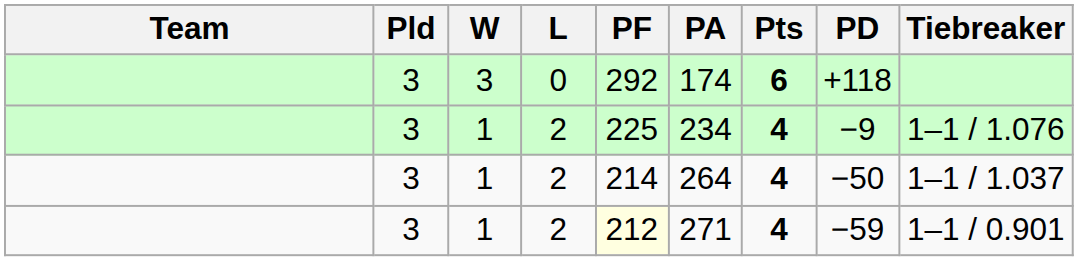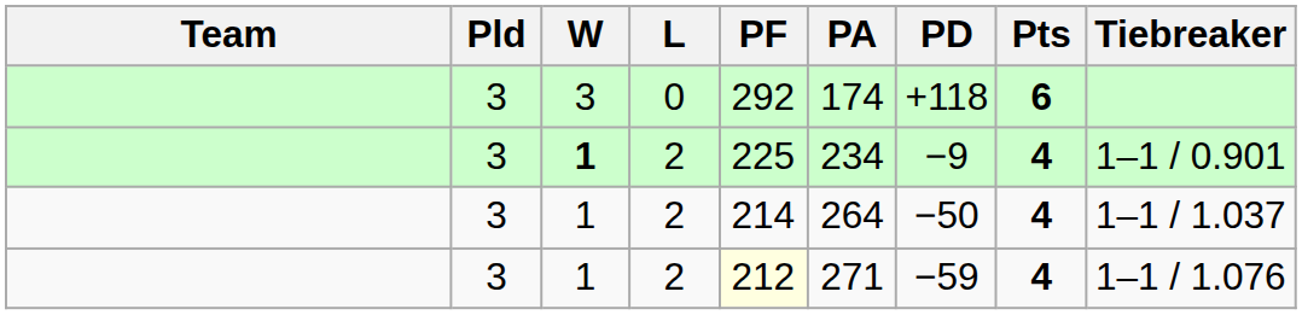 <table class="wikitable" style="text-align:center;">
 <tr>
 <th width=180>Team</th>
 <th width=30>Pld</th>
 <th width=30>W</th>
 <th width=30>L</th>
 <th width=30>PF</th>
 <th width=30>PA</th>
+<th width=30>PD</th>
 <th width=30>Pts</th>
-<th width=30>PD</th>
 <th width=80>Tiebreaker</th>
 </tr>
 <tr bgcolor="#ccffcc">
 <td align="left"></td>
 <td>3</td>
 <td>3</td>
 <td>0</td>
 <td>292</td>
 <td>174</td>
+<td>+118</td>
 <td><strong>6</strong></td>
-<td>+118</td>
 <td></td>
 </tr>
 <tr bgcolor="#ccffcc">
 <td align="left"></td>
 <td>3</td>
-<td>1</td>
+<td><strong>1</strong></td>
 <td>2</td>
 <td>225</td>
 <td>234</td>
+<td>−9</td>
 <td><strong>4</strong></td>
-<td>−9</td>
-<td>1–1 / 1.076</td>
+<td>1–1 / 0.901</td>
 </tr>
 <tr>
 <td align="left"></td>
 <td>3</td>
 <td>1</td>
 <td>2</td>
 <td>214</td>
 <td>264</td>
+<td>−50</td>
 <td><strong>4</strong></td>
-<td>−50</td>
 <td>1–1 / 1.037</td>
 </tr>
 <tr>
 <td align="left"></td>
 <td>3</td>
 <td>1</td>
 <td>2</td>
 <td style="background: lightyellow;">212</td>
 <td>271</td>
+<td>−59</td>
 <td><strong>4</strong></td>
-<td>−59</td>
-<td>1–1 / 0.901</td>
+<td>1–1 / 1.076</td>
 </tr>
 </table>
